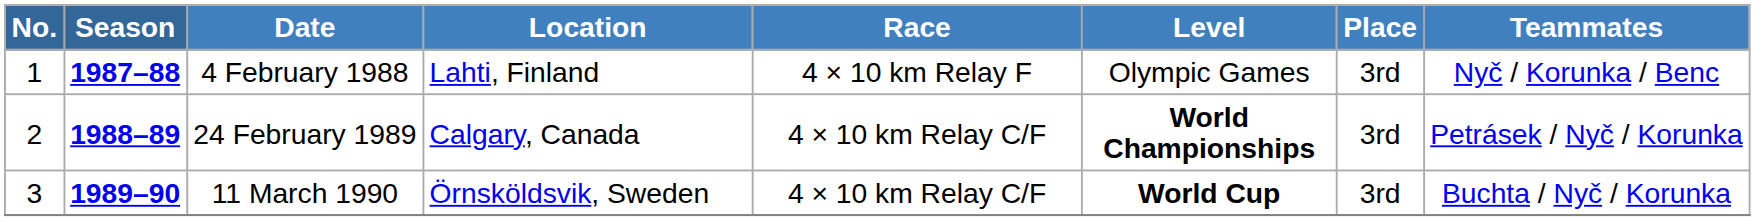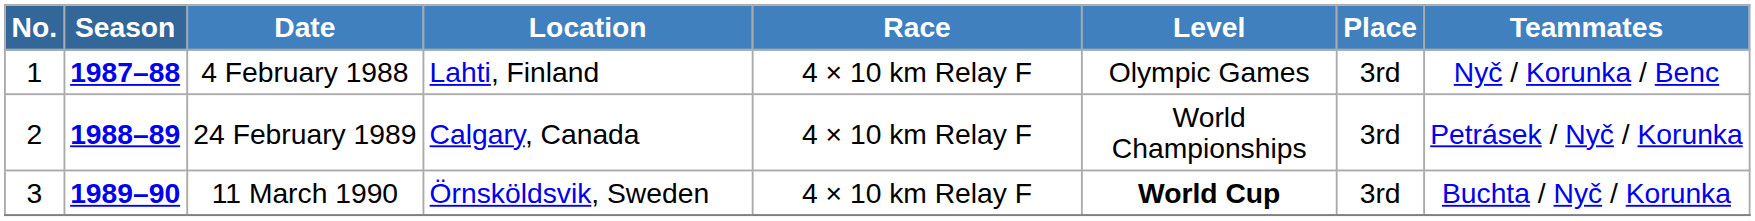 <table class="wikitable sortable" style="font-size:95%; text-align:center; border:grey solid 1px; border-collapse:collapse; background:#ffffff;">
 <tr style="background:#efefef;">
 <th style="background-color:#369; color:white;">No.</th>
 <th style="background-color:#369; color:white;">Season</th>
 <th style="background-color:#4180be; color:white; width:120px;">Date</th>
 <th style="background-color:#4180be; color:white; width:170px;">Location</th>
 <th style="background-color:#4180be; color:white; width:170px;">Race</th>
 <th style="background-color:#4180be; color:white; width:130px;">Level</th>
 <th style="background-color:#4180be; color:white;">Place</th>
 <th style="background-color:#4180be; color:white;">Teammates</th>
 </tr>
 <tr>
 <td align=center>1</td>
 <td rowspan=1 align=center><strong><a href='#'>1987–88</a></strong></td>
 <td>4 February 1988</td>
 <td align=left> <a href='#'>Lahti</a>, Finland</td>
 <td>4 × 10 km Relay F</td>
 <td>Olympic Games</td>
 <td>3rd</td>
 <td><a href='#'>Nyč</a> / <a href='#'>Korunka</a> / <a href='#'>Benc</a></td>
 </tr>
 <tr>
 <td align=center>2</td>
 <td rowspan=1 align=center><strong><a href='#'>1988–89</a></strong></td>
 <td>24 February 1989</td>
 <td align=left> <a href='#'>Calgary</a>, Canada</td>
-<td>4 × 10 km Relay C/F</td>
-<td><strong>World Championships</strong></td>
+<td>4 × 10 km Relay F</td>
+<td>World Championships</td>
 <td>3rd</td>
 <td><a href='#'>Petrásek</a> / <a href='#'>Nyč</a> / <a href='#'>Korunka</a></td>
 </tr>
 <tr>
 <td align=center>3</td>
 <td rowspan=1 align=center><strong><a href='#'>1989–90</a></strong></td>
 <td>11 March 1990</td>
 <td align=left> <a href='#'>Örnsköldsvik</a>, Sweden</td>
-<td>4 × 10 km Relay C/F</td>
+<td>4 × 10 km Relay F</td>
 <td><strong>World Cup</strong></td>
 <td>3rd</td>
 <td><a href='#'>Buchta</a> / <a href='#'>Nyč</a> / <a href='#'>Korunka</a></td>
 </tr>
 <tr>
 </tr>
 </table>
